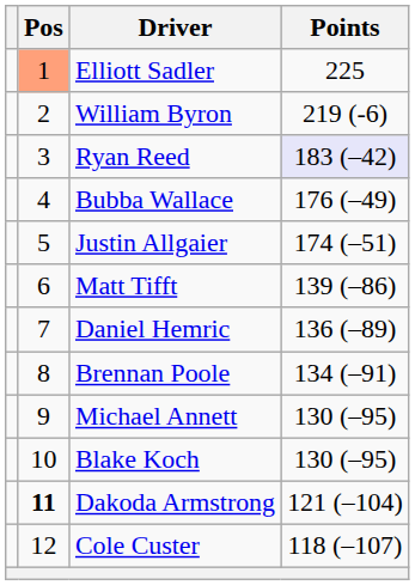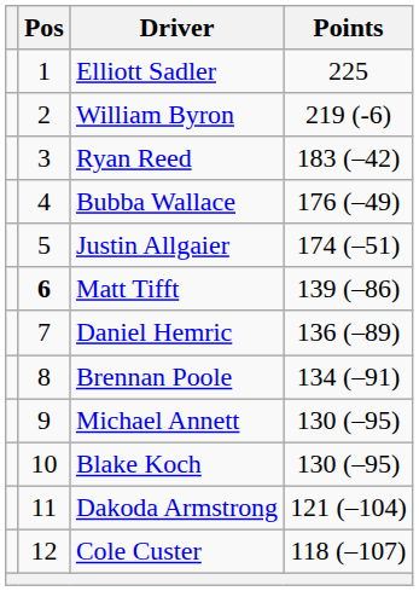 <table class="wikitable" style="font-size: 95%;">
 <tr>
 <th></th>
 <th>Pos</th>
 <th>Driver</th>
 <th>Points</th>
 </tr>
 <tr>
 <td align="left"></td>
-<td style="background: lightsalmon; text-align:center;">1</td>
+<td style="text-align:center;">1</td>
 <td><a href='#'>Elliott Sadler</a></td>
 <td style="text-align:center;">225</td>
 </tr>
 <tr>
 <td align="left"></td>
 <td style="text-align:center;">2</td>
 <td><a href='#'>William Byron</a></td>
 <td style="text-align:center;">219 (-6)</td>
 </tr>
 <tr>
 <td align="left"></td>
 <td style="text-align:center;">3</td>
 <td><a href='#'>Ryan Reed</a></td>
-<td style="background: lavender; text-align:center;">183 (–42)</td>
+<td style="text-align:center;">183 (–42)</td>
 </tr>
 <tr>
 <td align="left"></td>
 <td style="text-align:center;">4</td>
 <td><a href='#'>Bubba Wallace</a></td>
 <td style="text-align:center;">176 (–49)</td>
 </tr>
 <tr>
 <td align="left"></td>
 <td style="text-align:center;">5</td>
 <td><a href='#'>Justin Allgaier</a></td>
 <td style="text-align:center;">174 (–51)</td>
 </tr>
 <tr>
 <td align="left"></td>
-<td style="text-align:center;">6</td>
+<td style="text-align:center;"><strong>6</strong></td>
 <td><a href='#'>Matt Tifft</a></td>
 <td style="text-align:center;">139 (–86)</td>
 </tr>
 <tr>
 <td align="left"></td>
 <td style="text-align:center;">7</td>
 <td><a href='#'>Daniel Hemric</a></td>
 <td style="text-align:center;">136 (–89)</td>
 </tr>
 <tr>
 <td align="left"></td>
 <td style="text-align:center;">8</td>
 <td><a href='#'>Brennan Poole</a></td>
 <td style="text-align:center;">134 (–91)</td>
 </tr>
 <tr>
 <td align="left"></td>
 <td style="text-align:center;">9</td>
 <td><a href='#'>Michael Annett</a></td>
 <td style="text-align:center;">130 (–95)</td>
 </tr>
 <tr>
 <td align="left"></td>
 <td style="text-align:center;">10</td>
 <td><a href='#'>Blake Koch</a></td>
 <td style="text-align:center;">130 (–95)</td>
 </tr>
 <tr>
 <td align="left"></td>
-<td style="text-align:center;"><strong>11</strong></td>
+<td style="text-align:center;">11</td>
 <td><a href='#'>Dakoda Armstrong</a></td>
 <td style="text-align:center;">121 (–104)</td>
 </tr>
 <tr>
 <td align="left"></td>
 <td style="text-align:center;">12</td>
 <td><a href='#'>Cole Custer</a></td>
 <td style="text-align:center;">118 (–107)</td>
 </tr>
 <tr class="sortbottom">
 <th colspan="9"></th>
 </tr>
 </table>
